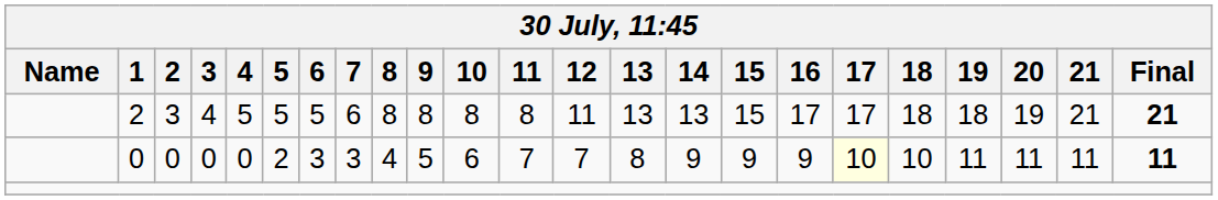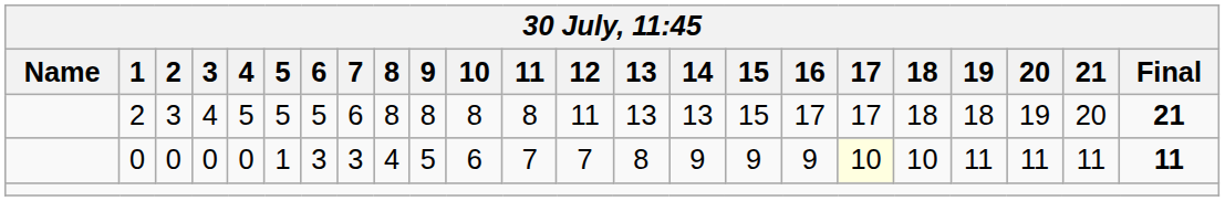 <table class=wikitable style="text-align:center; width: 55%">
 <tr>
 <th colspan=23><em>30 July, 11:45</em></th>
 </tr>
 <tr>
 <th>Name</th>
 <th>1</th>
 <th>2</th>
 <th>3</th>
 <th>4</th>
 <th>5</th>
 <th>6</th>
 <th>7</th>
 <th>8</th>
 <th>9</th>
 <th>10</th>
 <th>11</th>
 <th>12</th>
 <th>13</th>
 <th>14</th>
 <th>15</th>
 <th>16</th>
 <th>17</th>
 <th>18</th>
 <th>19</th>
 <th>20</th>
 <th>21</th>
 <th>Final</th>
 </tr>
 <tr>
 <td align=left><strong></strong></td>
 <td>2</td>
 <td>3</td>
 <td>4</td>
 <td>5</td>
 <td>5</td>
 <td>5</td>
 <td>6</td>
 <td>8</td>
 <td>8</td>
 <td>8</td>
 <td>8</td>
 <td>11</td>
 <td>13</td>
 <td>13</td>
 <td>15</td>
 <td>17</td>
 <td>17</td>
 <td>18</td>
 <td>18</td>
 <td>19</td>
-<td>21</td>
+<td>20</td>
 <td><strong>21</strong></td>
 </tr>
 <tr>
 <td align=left></td>
 <td>0</td>
 <td>0</td>
 <td>0</td>
 <td>0</td>
-<td>2</td>
+<td>1</td>
 <td>3</td>
 <td>3</td>
 <td>4</td>
 <td>5</td>
 <td>6</td>
 <td>7</td>
 <td>7</td>
 <td>8</td>
 <td>9</td>
 <td>9</td>
 <td>9</td>
 <td style="background: lightyellow;">10</td>
 <td>10</td>
 <td>11</td>
 <td>11</td>
 <td>11</td>
 <td><strong>11</strong></td>
 </tr>
 <tr>
 <td colspan=23></td>
 </tr>
 </table>
